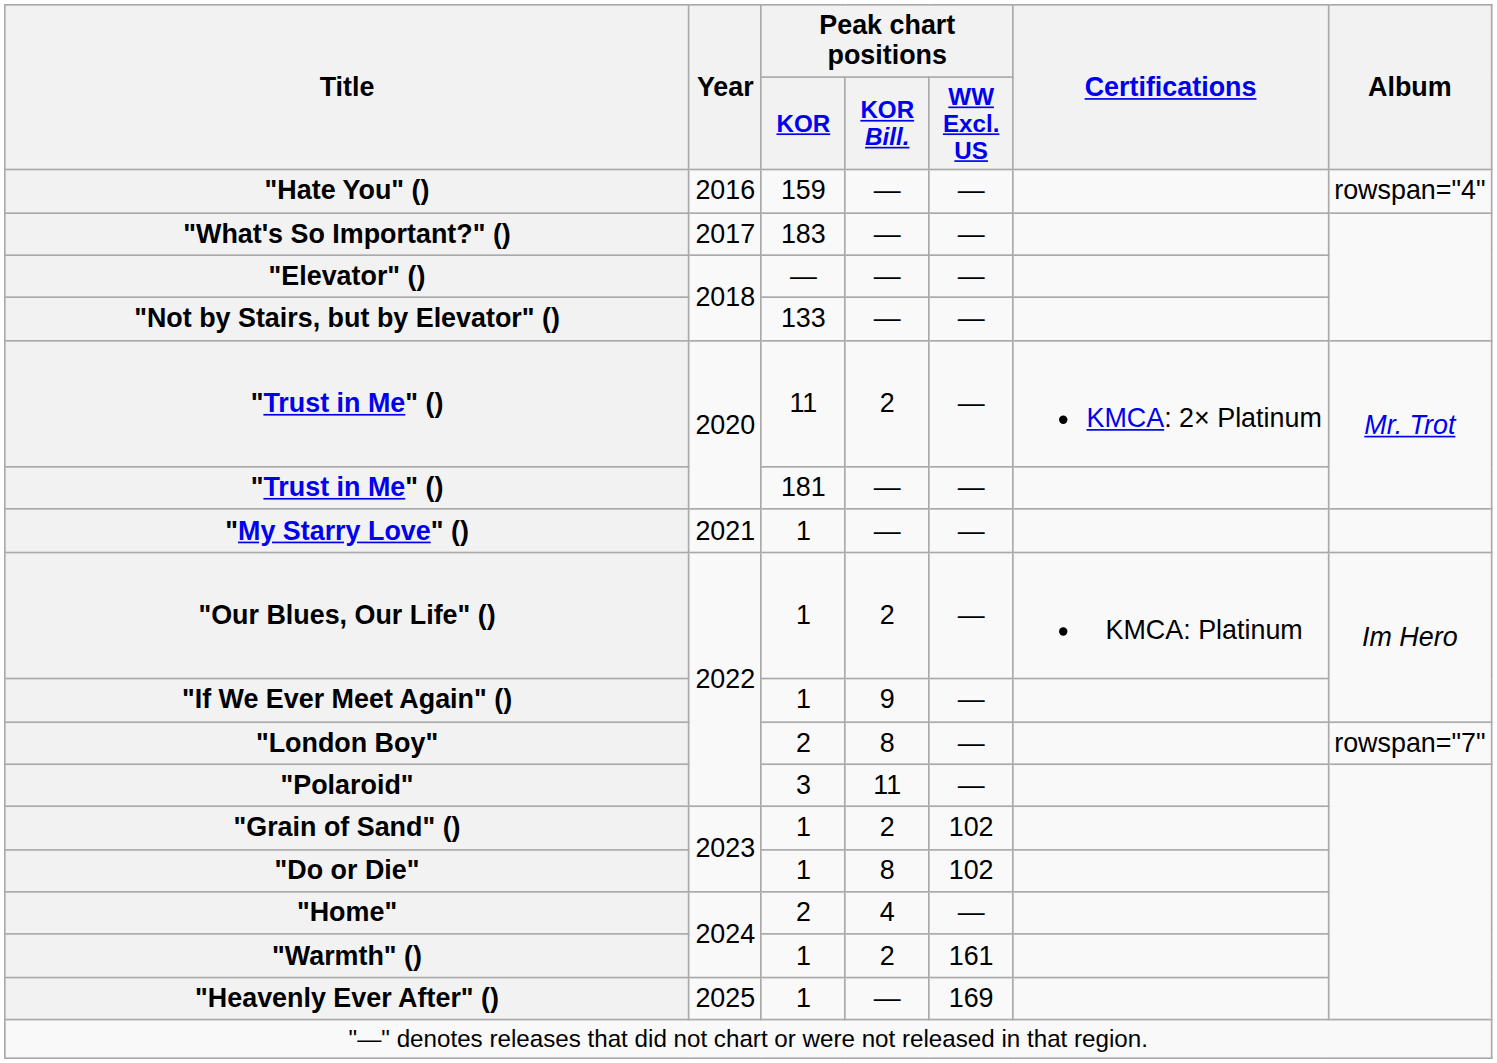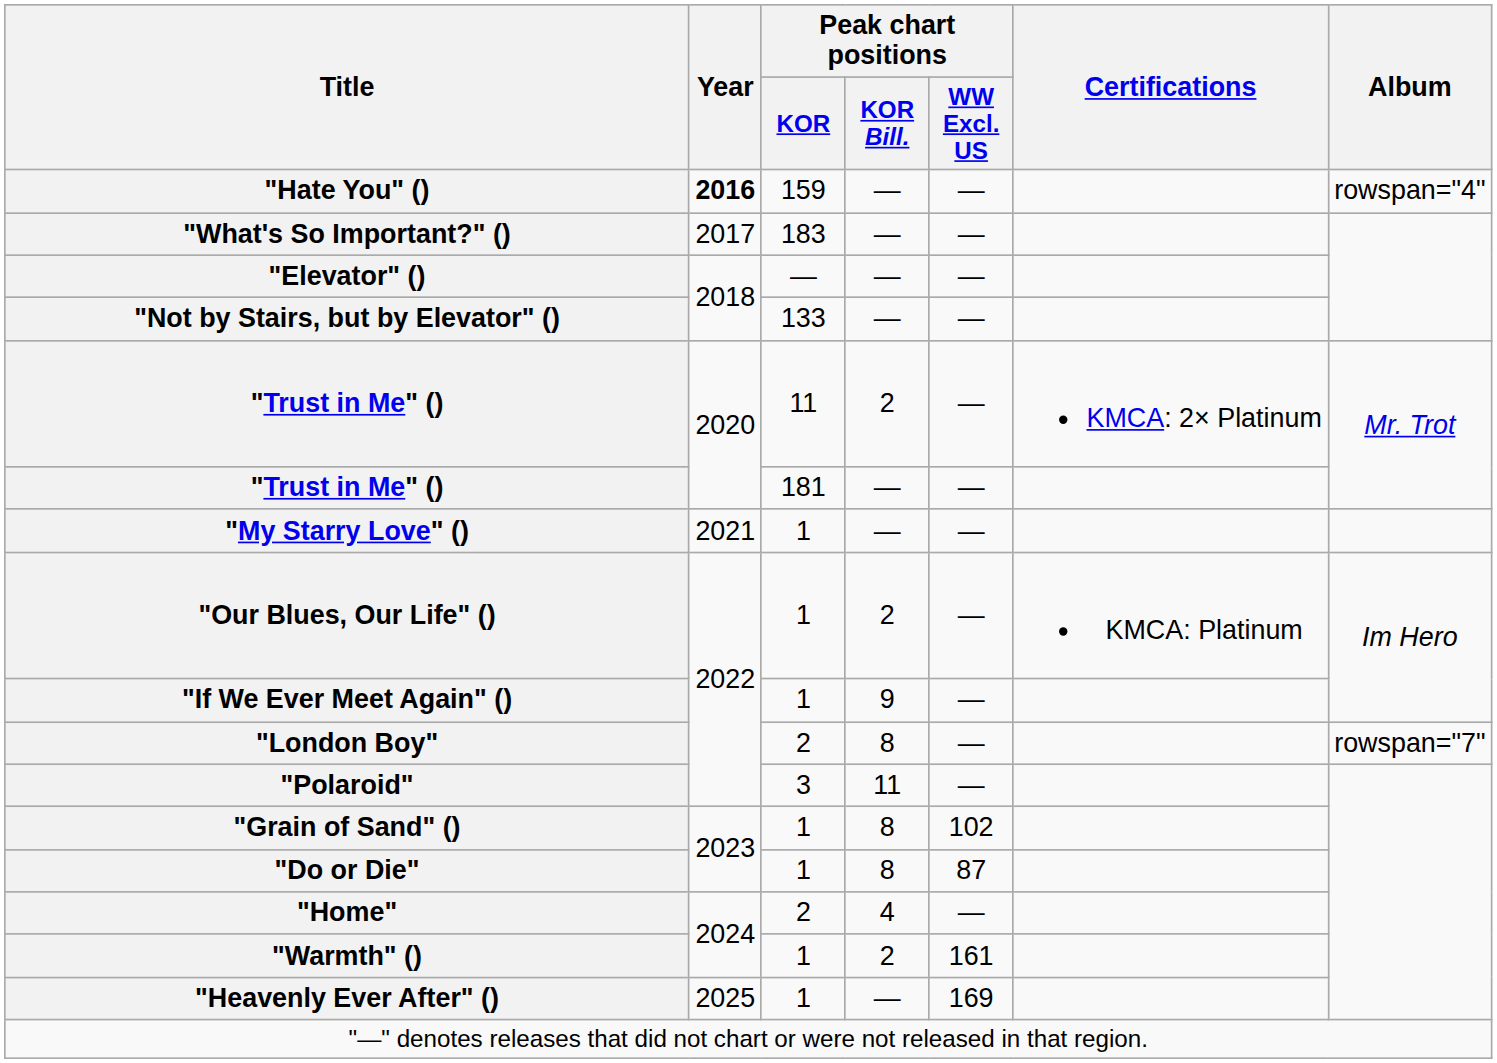 <table class="wikitable plainrowheaders" style="text-align:center;">
 <tr>
 <th scope="col" rowspan="2" style="width:25em;">Title</th>
 <th scope="col" rowspan="2">Year</th>
 <th scope="col" colspan="3">Peak chart positions</th>
 <th scope="col" rowspan="2"><a href='#'>Certifications</a></th>
 <th scope="col" rowspan="2">Album</th>
 </tr>
 <tr>
 <th scope="col" style="width:3em;font-size:90%;"><a href='#'>KOR</a><br></th>
 <th scope="col" style="width:3em;font-size:90%;"><a href='#'>KOR<br><em>Bill.</em></a><br></th>
 <th scope="col" style="width:3em;font-size:90%;"><a href='#'>WW<br>Excl. US</a><br></th>
 </tr>
 <tr>
 <th scope="row">"Hate You" ()</th>
-<td>2016</td>
+<td><strong>2016</strong></td>
 <td>159</td>
 <td>—</td>
 <td>—</td>
 <td></td>
 <td>rowspan="4" </td>
 </tr>
 <tr>
 <th scope="row">"What's So Important?" ()</th>
 <td>2017</td>
 <td>183</td>
 <td>—</td>
 <td>—</td>
 <td></td>
 </tr>
 <tr>
 <th scope="row">"Elevator" ()</th>
 <td rowspan="2">2018</td>
 <td>—</td>
 <td>—</td>
 <td>—</td>
 <td></td>
 </tr>
 <tr>
 <th scope="row">"Not by Stairs, but by Elevator" ()</th>
 <td>133</td>
 <td>—</td>
 <td>—</td>
 <td></td>
 </tr>
 <tr>
 <th scope="row">"<a href='#'>Trust in Me</a>" ()</th>
 <td rowspan="2">2020</td>
 <td>11</td>
 <td>2</td>
 <td>—</td>
 <td><br><ul><li><a href='#'>KMCA</a>: 2× Platinum</li></ul></td>
 <td rowspan="2"><em><a href='#'>Mr. Trot</a></em></td>
 </tr>
 <tr>
 <th scope="row">"<a href='#'>Trust in Me</a>" ()<br></th>
 <td>181</td>
 <td>—</td>
 <td>—</td>
 <td></td>
 </tr>
 <tr>
 <th scope="row">"<a href='#'>My Starry Love</a>" ()</th>
 <td>2021</td>
 <td>1</td>
 <td>—</td>
 <td>—</td>
 <td></td>
 <td></td>
 </tr>
 <tr>
 <th scope="row">"Our Blues, Our Life" ()</th>
 <td rowspan="4">2022</td>
 <td>1</td>
 <td>2</td>
 <td>—</td>
 <td><br><ul><li>KMCA: Platinum</li></ul></td>
 <td rowspan="2"><em>Im Hero</em></td>
 </tr>
 <tr>
 <th scope="row">"If We Ever Meet Again" ()</th>
 <td>1</td>
 <td>9</td>
 <td>—</td>
 <td></td>
 </tr>
 <tr>
 <th scope="row">"London Boy"</th>
 <td>2</td>
 <td>8</td>
 <td>—</td>
 <td></td>
 <td>rowspan="7" </td>
 </tr>
 <tr>
 <th scope="row">"Polaroid"</th>
 <td>3</td>
 <td>11</td>
 <td>—</td>
 <td></td>
 </tr>
 <tr>
 <th scope="row">"Grain of Sand" ()</th>
 <td rowspan="2">2023</td>
 <td>1</td>
-<td>2</td>
+<td>8</td>
 <td>102</td>
 <td></td>
 </tr>
 <tr>
 <th scope="row">"Do or Die"</th>
 <td>1</td>
 <td>8</td>
-<td>102</td>
+<td>87</td>
 <td></td>
 </tr>
 <tr>
 <th scope="row">"Home"</th>
 <td rowspan="2">2024</td>
 <td>2</td>
 <td>4</td>
 <td>—</td>
 <td></td>
 </tr>
 <tr>
 <th scope="row">"Warmth" ()</th>
 <td>1</td>
 <td>2</td>
 <td>161</td>
 <td></td>
 </tr>
 <tr>
 <th scope="row">"Heavenly Ever After" ()</th>
 <td>2025</td>
 <td>1</td>
 <td>—</td>
 <td>169</td>
 <td></td>
 </tr>
 <tr>
 <td colspan="7" style="font-size:90%;">"—" denotes releases that did not chart or were not released in that region.</td>
 </tr>
 </table>
